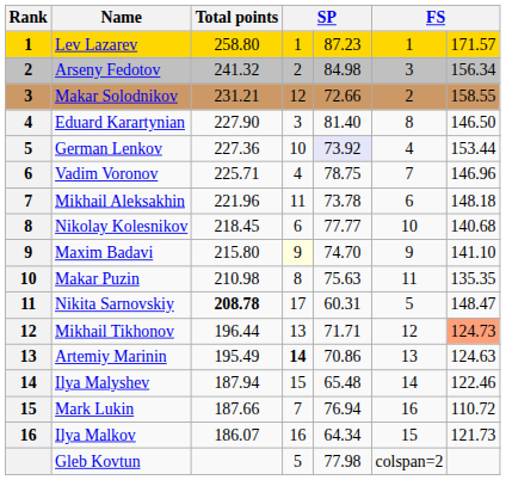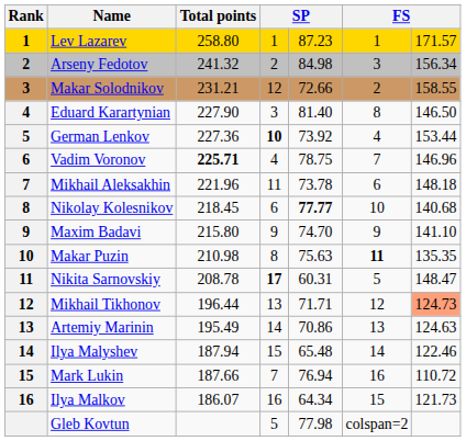 <table class="wikitable sortable">
 <tr>
 <th>Rank</th>
 <th>Name</th>
 <th>Total points</th>
 <th colspan="2" width="80px"><a href='#'>SP</a></th>
 <th colspan="2" width="80px"><a href='#'>FS</a></th>
 </tr>
 <tr bgcolor="gold">
 <td align="center"><strong>1</strong></td>
 <td><a href='#'>Lev Lazarev</a></td>
 <td align="center">258.80</td>
 <td align="center">1</td>
 <td align="center">87.23</td>
 <td align="center">1</td>
 <td align="center">171.57</td>
 </tr>
 <tr bgcolor="silver">
 <td align="center"><strong>2</strong></td>
 <td><a href='#'>Arseny Fedotov</a></td>
 <td align="center">241.32</td>
 <td align="center">2</td>
 <td align="center">84.98</td>
 <td align="center">3</td>
 <td align="center">156.34</td>
 </tr>
 <tr bgcolor="cc9966">
 <td align="center"><strong>3</strong></td>
 <td><a href='#'>Makar Solodnikov</a></td>
 <td align="center">231.21</td>
 <td align="center">12</td>
 <td align="center">72.66</td>
 <td align="center">2</td>
 <td align="center">158.55</td>
 </tr>
 <tr>
 <th>4</th>
 <td><a href='#'>Eduard Karartynian</a></td>
 <td align="center">227.90</td>
 <td align="center">3</td>
 <td align="center">81.40</td>
 <td align="center">8</td>
 <td align="center">146.50</td>
 </tr>
 <tr>
 <th>5</th>
 <td><a href='#'>German Lenkov</a></td>
 <td align="center">227.36</td>
-<td align="center">10</td>
-<td align="center" style="background: lavender;">73.92</td>
+<td align="center"><strong>10</strong></td>
+<td align="center">73.92</td>
 <td align="center">4</td>
 <td align="center">153.44</td>
 </tr>
 <tr>
 <th>6</th>
 <td><a href='#'>Vadim Voronov</a></td>
-<td align="center">225.71</td>
+<td align="center"><strong>225.71</strong></td>
 <td align="center">4</td>
 <td align="center">78.75</td>
 <td align="center">7</td>
 <td align="center">146.96</td>
 </tr>
 <tr>
 <th>7</th>
 <td><a href='#'>Mikhail Aleksakhin</a></td>
 <td align="center">221.96</td>
 <td align="center">11</td>
 <td align="center">73.78</td>
 <td align="center">6</td>
 <td align="center">148.18</td>
 </tr>
 <tr>
 <th>8</th>
 <td><a href='#'>Nikolay Kolesnikov</a></td>
 <td align="center">218.45</td>
 <td align="center">6</td>
-<td align="center">77.77</td>
+<td align="center"><strong>77.77</strong></td>
 <td align="center">10</td>
 <td align="center">140.68</td>
 </tr>
 <tr>
 <th>9</th>
 <td><a href='#'>Maxim Badavi</a></td>
 <td align="center">215.80</td>
-<td align="center" style="background: lightyellow;">9</td>
+<td align="center">9</td>
 <td align="center">74.70</td>
 <td align="center">9</td>
 <td align="center">141.10</td>
 </tr>
 <tr>
 <th>10</th>
 <td><a href='#'>Makar Puzin</a></td>
 <td align="center">210.98</td>
 <td align="center">8</td>
 <td align="center">75.63</td>
-<td align="center">11</td>
+<td align="center"><strong>11</strong></td>
 <td align="center">135.35</td>
 </tr>
 <tr>
 <th>11</th>
 <td><a href='#'>Nikita Sarnovskiy</a></td>
-<td align="center"><strong>208.78</strong></td>
-<td align="center">17</td>
+<td align="center">208.78</td>
+<td align="center"><strong>17</strong></td>
 <td align="center">60.31</td>
 <td align="center">5</td>
 <td align="center">148.47</td>
 </tr>
 <tr>
 <th>12</th>
 <td><a href='#'>Mikhail Tikhonov</a></td>
 <td align="center">196.44</td>
 <td align="center">13</td>
 <td align="center">71.71</td>
 <td align="center">12</td>
 <td align="center" style="background: lightsalmon;">124.73</td>
 </tr>
 <tr>
 <th>13</th>
 <td><a href='#'>Artemiy Marinin</a></td>
 <td align="center">195.49</td>
-<td align="center"><strong>14</strong></td>
+<td align="center">14</td>
 <td align="center">70.86</td>
 <td align="center">13</td>
 <td align="center">124.63</td>
 </tr>
 <tr>
 <th>14</th>
 <td><a href='#'>Ilya Malyshev</a></td>
 <td align="center">187.94</td>
 <td align="center">15</td>
 <td align="center">65.48</td>
 <td align="center">14</td>
 <td align="center">122.46</td>
 </tr>
 <tr>
 <th>15</th>
 <td><a href='#'>Mark Lukin</a></td>
 <td align="center">187.66</td>
 <td align="center">7</td>
 <td align="center">76.94</td>
 <td align="center">16</td>
 <td align="center">110.72</td>
 </tr>
 <tr>
 <th>16</th>
 <td><a href='#'>Ilya Malkov</a></td>
 <td align="center">186.07</td>
 <td align="center">16</td>
 <td align="center">64.34</td>
 <td align="center">15</td>
 <td align="center">121.73</td>
 </tr>
 <tr>
 <th></th>
 <td><a href='#'>Gleb Kovtun</a></td>
 <td></td>
 <td align="center">5</td>
 <td align="center">77.98</td>
 <td>colspan=2 </td>
 </tr>
 </table>
